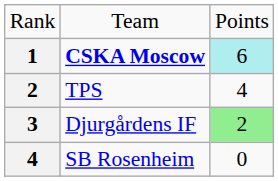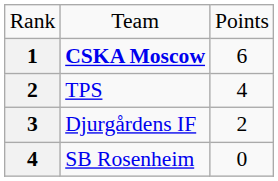 <table class="wikitable" style="text-align: center;">
 <tr>
 <td>Rank</td>
 <td>Team</td>
 <td>Points</td>
 </tr>
 <tr>
 <th>1</th>
 <td style="text-align: left;"> <strong><a href='#'>CSKA Moscow</a></strong></td>
-<td style="background: paleturquoise;">6</td>
+<td>6</td>
 </tr>
 <tr>
 <th>2</th>
 <td style="text-align: left;"> <a href='#'>TPS</a></td>
 <td>4</td>
 </tr>
 <tr>
 <th>3</th>
 <td style="text-align: left;"> <a href='#'>Djurgårdens IF</a></td>
-<td style="background: lightgreen;">2</td>
+<td>2</td>
 </tr>
 <tr>
 <th>4</th>
 <td style="text-align: left;"> <a href='#'>SB Rosenheim</a></td>
 <td>0</td>
 </tr>
 </table>
